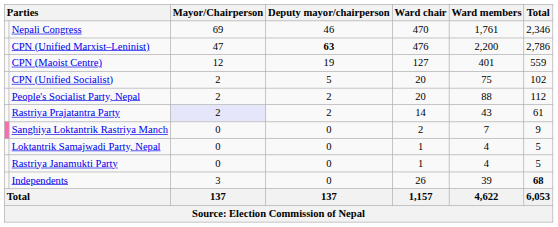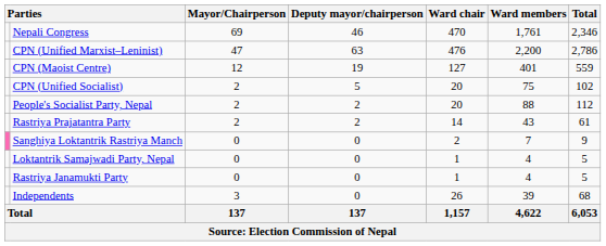 <table class="wikitable sortable" style="text-align:right">
 <tr>
 <th colspan="2" style="text-align:left;">Parties</th>
 <th>Mayor/Chairperson</th>
 <th>Deputy mayor/chairperson</th>
 <th>Ward chair</th>
 <th>Ward members</th>
 <th>Total</th>
 </tr>
 <tr>
 <td style="background-color:"></td>
 <td style="text-align:left;"><a href='#'>Nepali Congress</a></td>
 <td style="text-align:center;">69</td>
 <td style="text-align:center;">46</td>
 <td style="text-align:center;">470</td>
 <td style="text-align:center;">1,761</td>
 <td style="text-align:center;">2,346</td>
 </tr>
 <tr>
 <td style="background-color:"></td>
 <td style="text-align:left;"><a href='#'>CPN (Unified Marxist–Leninist)</a></td>
 <td style="text-align:center;">47</td>
-<td style="text-align:center;"><strong>63</strong></td>
+<td style="text-align:center;">63</td>
 <td style="text-align:center;">476</td>
 <td style="text-align:center;">2,200</td>
 <td style="text-align:center;">2,786</td>
 </tr>
 <tr>
 <td style="background-color:"></td>
 <td style="text-align:left;"><a href='#'>CPN (Maoist Centre)</a></td>
 <td style="text-align:center;">12</td>
 <td style="text-align:center;">19</td>
 <td style="text-align:center;">127</td>
 <td style="text-align:center;">401</td>
 <td style="text-align:center;">559</td>
 </tr>
 <tr>
 <td style="background-color:"></td>
 <td style="text-align:left;"><a href='#'>CPN (Unified Socialist)</a></td>
 <td style="text-align:center;">2</td>
 <td style="text-align:center;">5</td>
 <td style="text-align:center;">20</td>
 <td style="text-align:center;">75</td>
 <td style="text-align:center;">102</td>
 </tr>
 <tr>
 <td></td>
 <td style="text-align:left;"><a href='#'>People's Socialist Party, Nepal</a></td>
 <td style="text-align:center;">2</td>
 <td style="text-align:center;">2</td>
 <td style="text-align:center;">20</td>
 <td style="text-align:center;">88</td>
 <td style="text-align:center;">112</td>
 </tr>
 <tr>
 <td style="background-color:"></td>
 <td style="text-align:left;"><a href='#'>Rastriya Prajatantra Party</a></td>
-<td style="background: lavender; text-align:center;">2</td>
+<td style="text-align:center;">2</td>
 <td style="text-align:center;">2</td>
 <td style="text-align:center;">14</td>
 <td style="text-align:center;">43</td>
 <td style="text-align:center;">61</td>
 </tr>
 <tr>
 <td style="background-color:hotpink"></td>
 <td style="text-align:left;"><a href='#'>Sanghiya Loktantrik Rastriya Manch</a></td>
 <td style="text-align:center;">0</td>
 <td style="text-align:center;">0</td>
 <td style="text-align:center;">2</td>
 <td style="text-align:center;">7</td>
 <td style="text-align:center;">9</td>
 </tr>
 <tr>
 <td style="background-color:"></td>
 <td style="text-align:left;"><a href='#'>Loktantrik Samajwadi Party, Nepal</a></td>
 <td style="text-align:center;">0</td>
 <td style="text-align:center;">0</td>
 <td style="text-align:center;">1</td>
 <td style="text-align:center;">4</td>
 <td style="text-align:center;">5</td>
 </tr>
 <tr>
 <td style="background-color:"></td>
 <td style="text-align:left;"><a href='#'>Rastriya Janamukti Party</a></td>
 <td style="text-align:center;">0</td>
 <td style="text-align:center;">0</td>
 <td style="text-align:center;">1</td>
 <td style="text-align:center;">4</td>
 <td style="text-align:center;">5</td>
 </tr>
 <tr>
 <td style="background-color:"></td>
 <td style="text-align:left;"><a href='#'>Independents</a></td>
 <td style="text-align:center;">3</td>
 <td style="text-align:center;">0</td>
 <td style="text-align:center;">26</td>
 <td style="text-align:center;">39</td>
-<td style="text-align:center;"><strong>68</strong></td>
+<td style="text-align:center;">68</td>
 </tr>
 <tr>
 <th colspan="2" style="text-align:left;">Total</th>
 <th>137</th>
 <th>137</th>
 <th>1,157</th>
 <th>4,622</th>
 <th>6,053</th>
 </tr>
 <tr>
 <th colspan="7">Source: Election Commission of Nepal</th>
 </tr>
 </table>
